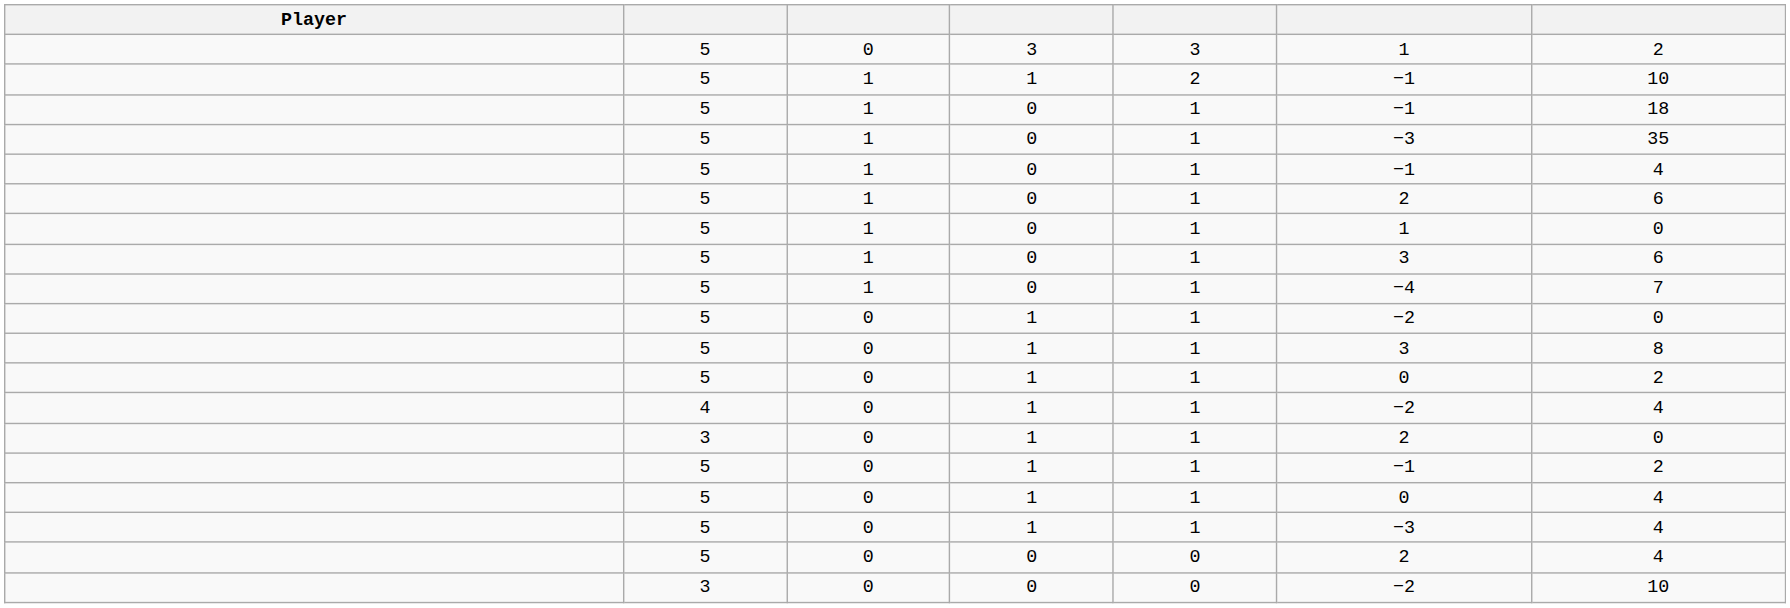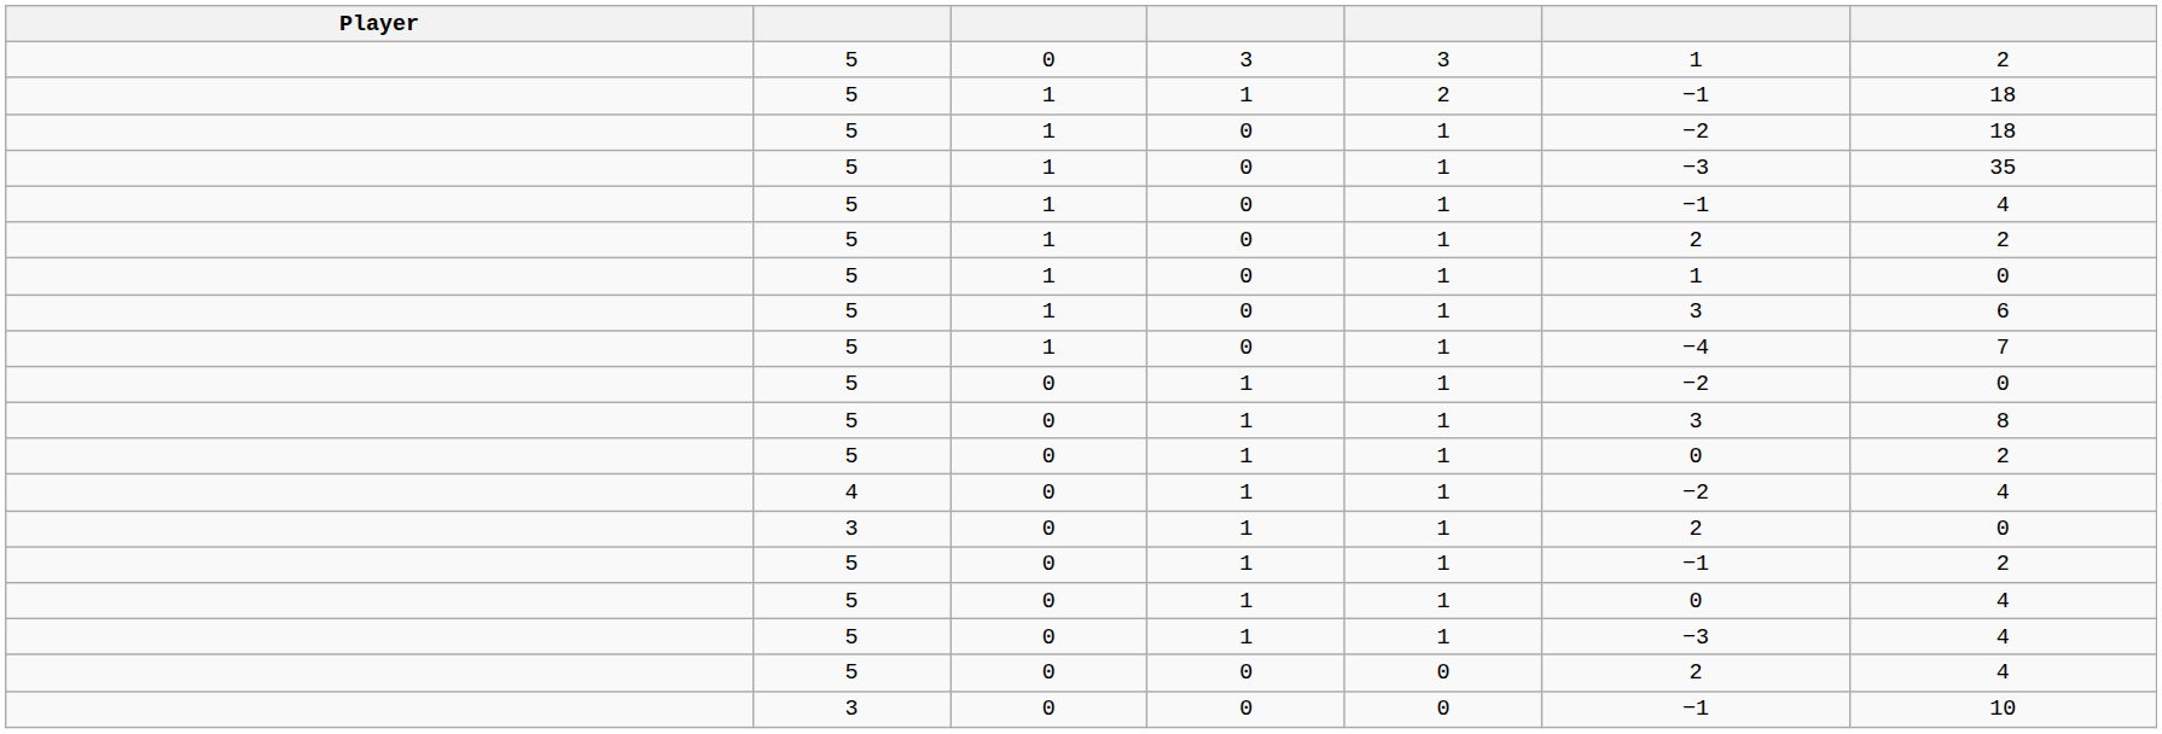 <table class="wikitable sortable" style="width:100%;">
 <tr align=center>
 <th>Player</th>
 <th></th>
 <th></th>
 <th></th>
 <th></th>
 <th data-sort-type="number"></th>
 <th></th>
 </tr>
 <tr align=center>
 <td></td>
 <td>5</td>
 <td>0</td>
 <td>3</td>
 <td>3</td>
 <td>1</td>
 <td>2</td>
 </tr>
 <tr align=center>
 <td></td>
 <td>5</td>
 <td>1</td>
 <td>1</td>
 <td>2</td>
 <td>−1</td>
-<td>10</td>
+<td>18</td>
 </tr>
 <tr align=center>
 <td></td>
 <td>5</td>
 <td>1</td>
 <td>0</td>
 <td>1</td>
-<td>−1</td>
+<td>−2</td>
 <td>18</td>
 </tr>
 <tr align=center>
 <td></td>
 <td>5</td>
 <td>1</td>
 <td>0</td>
 <td>1</td>
 <td>−3</td>
 <td>35</td>
 </tr>
 <tr align=center>
 <td></td>
 <td>5</td>
 <td>1</td>
 <td>0</td>
 <td>1</td>
 <td>−1</td>
 <td>4</td>
 </tr>
 <tr align=center>
 <td></td>
 <td>5</td>
 <td>1</td>
 <td>0</td>
 <td>1</td>
 <td>2</td>
-<td>6</td>
+<td>2</td>
 </tr>
 <tr align=center>
 <td></td>
 <td>5</td>
 <td>1</td>
 <td>0</td>
 <td>1</td>
 <td>1</td>
 <td>0</td>
 </tr>
 <tr align=center>
 <td></td>
 <td>5</td>
 <td>1</td>
 <td>0</td>
 <td>1</td>
 <td>3</td>
 <td>6</td>
 </tr>
 <tr align=center>
 <td></td>
 <td>5</td>
 <td>1</td>
 <td>0</td>
 <td>1</td>
 <td>−4</td>
 <td>7</td>
 </tr>
 <tr align=center>
 <td></td>
 <td>5</td>
 <td>0</td>
 <td>1</td>
 <td>1</td>
 <td>−2</td>
 <td>0</td>
 </tr>
 <tr align=center>
 <td></td>
 <td>5</td>
 <td>0</td>
 <td>1</td>
 <td>1</td>
 <td>3</td>
 <td>8</td>
 </tr>
 <tr align=center>
 <td></td>
 <td>5</td>
 <td>0</td>
 <td>1</td>
 <td>1</td>
 <td>0</td>
 <td>2</td>
 </tr>
 <tr align=center>
 <td></td>
 <td>4</td>
 <td>0</td>
 <td>1</td>
 <td>1</td>
 <td>−2</td>
 <td>4</td>
 </tr>
 <tr align=center>
 <td></td>
 <td>3</td>
 <td>0</td>
 <td>1</td>
 <td>1</td>
 <td>2</td>
 <td>0</td>
 </tr>
 <tr align=center>
 <td></td>
 <td>5</td>
 <td>0</td>
 <td>1</td>
 <td>1</td>
 <td>−1</td>
 <td>2</td>
 </tr>
 <tr align=center>
 <td></td>
 <td>5</td>
 <td>0</td>
 <td>1</td>
 <td>1</td>
 <td>0</td>
 <td>4</td>
 </tr>
 <tr align=center>
 <td></td>
 <td>5</td>
 <td>0</td>
 <td>1</td>
 <td>1</td>
 <td>−3</td>
 <td>4</td>
 </tr>
 <tr align=center>
 <td></td>
 <td>5</td>
 <td>0</td>
 <td>0</td>
 <td>0</td>
 <td>2</td>
 <td>4</td>
 </tr>
 <tr align=center>
 <td></td>
 <td>3</td>
 <td>0</td>
 <td>0</td>
 <td>0</td>
-<td>−2</td>
+<td>−1</td>
 <td>10</td>
 </tr>
 </table>
